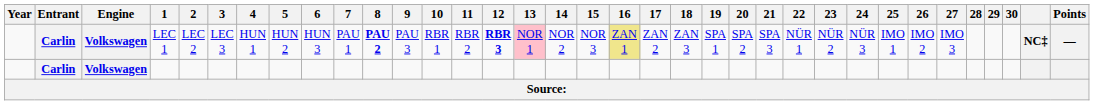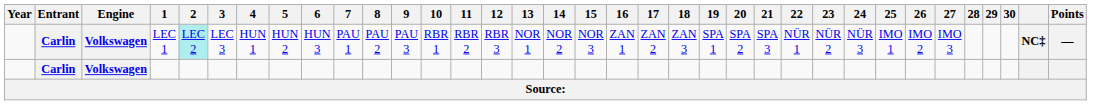 <table class="wikitable" style="text-align:center; font-size:85%">
 <tr>
 <th>Year</th>
 <th>Entrant</th>
 <th>Engine</th>
 <th>1</th>
 <th>2</th>
 <th>3</th>
 <th>4</th>
 <th>5</th>
 <th>6</th>
 <th>7</th>
 <th>8</th>
 <th>9</th>
 <th>10</th>
 <th>11</th>
 <th>12</th>
 <th>13</th>
 <th>14</th>
 <th>15</th>
 <th>16</th>
 <th>17</th>
 <th>18</th>
 <th>19</th>
 <th>20</th>
 <th>21</th>
 <th>22</th>
 <th>23</th>
 <th>24</th>
 <th>25</th>
 <th>26</th>
 <th>27</th>
 <th>28</th>
 <th>29</th>
 <th>30</th>
 <th></th>
 <th>Points</th>
 </tr>
 <tr>
 <td id=2016G></td>
 <th><a href='#'>Carlin</a></th>
 <th><a href='#'>Volkswagen</a></th>
 <td><a href='#'>LEC<br>1</a></td>
-<td><a href='#'>LEC<br>2</a></td>
+<td style="background: paleturquoise;"><a href='#'>LEC<br>2</a></td>
 <td><a href='#'>LEC<br>3</a></td>
 <td><a href='#'>HUN<br>1</a></td>
 <td><a href='#'>HUN<br>2</a></td>
 <td><a href='#'>HUN<br>3</a></td>
 <td><a href='#'>PAU<br>1</a></td>
-<td><strong><a href='#'>PAU<br>2</a></strong></td>
+<td><a href='#'>PAU<br>2</a></td>
 <td><a href='#'>PAU<br>3</a></td>
 <td><a href='#'>RBR<br>1</a></td>
 <td><a href='#'>RBR<br>2</a></td>
-<td><strong><a href='#'>RBR<br>3</a></strong></td>
-<td style="background: pink;"><a href='#'>NOR<br>1</a></td>
+<td><a href='#'>RBR<br>3</a></td>
+<td><a href='#'>NOR<br>1</a></td>
 <td><a href='#'>NOR<br>2</a></td>
 <td><a href='#'>NOR<br>3</a></td>
-<td style="background: khaki;"><a href='#'>ZAN<br>1</a></td>
+<td><a href='#'>ZAN<br>1</a></td>
 <td><a href='#'>ZAN<br>2</a></td>
 <td><a href='#'>ZAN<br>3</a></td>
 <td><a href='#'>SPA<br>1</a></td>
 <td><a href='#'>SPA<br>2</a></td>
 <td><a href='#'>SPA<br>3</a></td>
 <td><a href='#'>NÜR<br>1</a></td>
 <td><a href='#'>NÜR<br>2</a></td>
 <td><a href='#'>NÜR<br>3</a></td>
 <td><a href='#'>IMO<br>1</a></td>
 <td><a href='#'>IMO<br>2</a></td>
 <td><a href='#'>IMO<br>3</a></td>
 <td></td>
 <td></td>
 <td></td>
 <th>NC‡</th>
 <th>—</th>
 </tr>
 <tr>
 <td id=2017R></td>
 <th><a href='#'>Carlin</a></th>
 <th><a href='#'>Volkswagen</a></th>
 <td></td>
 <td></td>
 <td></td>
 <td></td>
 <td></td>
 <td></td>
 <td></td>
 <td></td>
 <td></td>
 <td></td>
 <td></td>
 <td></td>
 <td></td>
 <td></td>
 <td></td>
 <td></td>
 <td></td>
 <td></td>
 <td></td>
 <td></td>
 <td></td>
 <td></td>
 <td></td>
 <td></td>
 <td></td>
 <td></td>
 <td></td>
 <td></td>
 <td></td>
 <td></td>
 <th></th>
 <th></th>
 </tr>
 <tr>
 <th colspan="100">Source:</th>
 </tr>
 </table>
